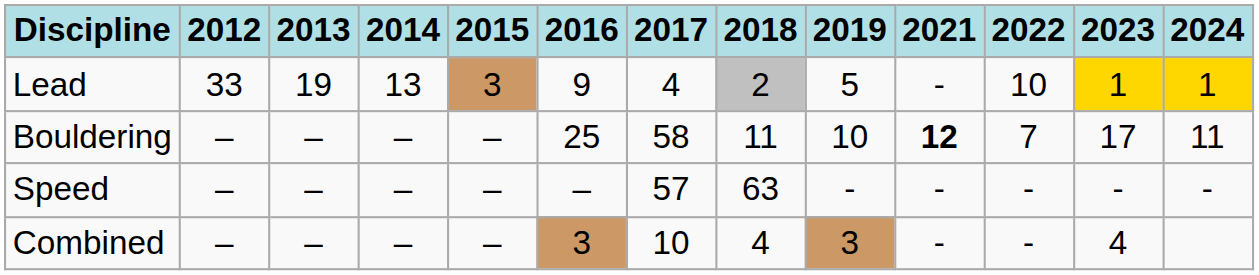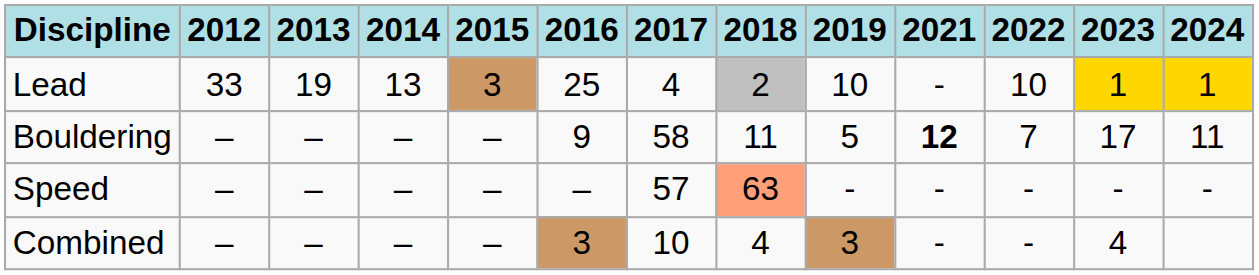 <table class="wikitable" style="text-align: center;">
 <tr>
 <th style="background: #b0e0e6;">Discipline</th>
 <th style="background: #b0e0e6;">2012</th>
 <th style="background: #b0e0e6;">2013</th>
 <th style="background: #b0e0e6;">2014</th>
 <th style="background: #b0e0e6;">2015</th>
 <th style="background: #b0e0e6;">2016</th>
 <th style="background: #b0e0e6;">2017</th>
 <th style="background: #b0e0e6;">2018</th>
 <th style="background: #b0e0e6;">2019</th>
 <th style="background: #b0e0e6;">2021</th>
 <th style="background: #b0e0e6;">2022</th>
 <th style="background: #b0e0e6;">2023</th>
 <th style="background: #b0e0e6;">2024</th>
 </tr>
 <tr>
 <td align="left">Lead</td>
 <td>33</td>
 <td>19</td>
 <td>13</td>
 <td style="background:#cc9966">3</td>
-<td>9</td>
+<td>25</td>
 <td>4</td>
 <td style="background:silver">2</td>
-<td>5</td>
+<td>10</td>
 <td>-</td>
 <td>10</td>
 <td style="background:gold">1</td>
 <td style="background:gold">1</td>
 </tr>
 <tr>
 <td align="left">Bouldering</td>
 <td>–</td>
 <td>–</td>
 <td>–</td>
 <td>–</td>
-<td>25</td>
+<td>9</td>
 <td>58</td>
 <td>11</td>
-<td>10</td>
+<td>5</td>
 <td><strong>12</strong></td>
 <td>7</td>
 <td>17</td>
 <td>11</td>
 </tr>
 <tr>
 <td align="left">Speed</td>
 <td>–</td>
 <td>–</td>
 <td>–</td>
 <td>–</td>
 <td>–</td>
 <td>57</td>
-<td>63</td>
+<td style="background: lightsalmon;">63</td>
 <td>-</td>
 <td>-</td>
 <td>-</td>
 <td>-</td>
 <td>-</td>
 </tr>
 <tr>
 <td align="left">Combined</td>
 <td>–</td>
 <td>–</td>
 <td>–</td>
 <td>–</td>
 <td style="background:#cc9966">3</td>
 <td>10</td>
 <td>4</td>
 <td style="background:#cc9966">3</td>
 <td>-</td>
 <td ->-</td>
 <td>4</td>
 </tr>
 </table>
